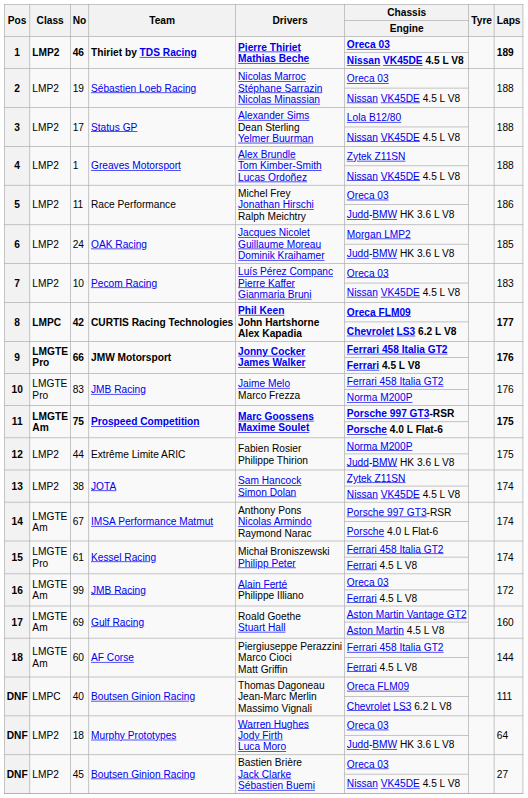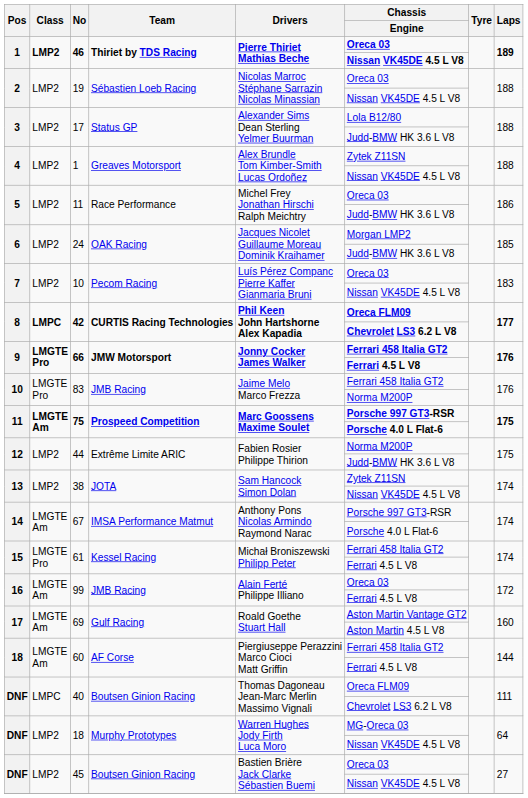 <table class="wikitable" style="font-size: 95%;">
 <tr>
 <th rowspan=2>Pos</th>
 <th rowspan=2>Class</th>
 <th rowspan=2>No</th>
 <th rowspan=2>Team</th>
 <th rowspan=2>Drivers</th>
 <th>Chassis</th>
 <th rowspan=2>Tyre</th>
 <th rowspan=2>Laps</th>
 </tr>
 <tr>
 <th>Engine</th>
 </tr>
 <tr style="font-weight:bold">
 <th rowspan=2>1</th>
 <td rowspan=2>LMP2</td>
 <td rowspan=2>46</td>
 <td rowspan=2> Thiriet by <a href='#'>TDS Racing</a></td>
 <td rowspan=2> <a href='#'>Pierre Thiriet</a><br> <a href='#'>Mathias Beche</a></td>
 <td><a href='#'>Oreca 03</a></td>
 <td rowspan=2></td>
 <td rowspan=2>189</td>
 </tr>
 <tr style="font-weight:bold">
 <td><a href='#'>Nissan</a> <a href='#'>VK45DE</a> 4.5 L V8</td>
 </tr>
 <tr>
 <th rowspan=2>2</th>
 <td rowspan=2>LMP2</td>
 <td rowspan=2>19</td>
 <td rowspan=2> <a href='#'>Sébastien Loeb Racing</a></td>
 <td rowspan=2> <a href='#'>Nicolas Marroc</a><br> <a href='#'>Stéphane Sarrazin</a><br> <a href='#'>Nicolas Minassian</a></td>
 <td><a href='#'>Oreca 03</a></td>
 <td rowspan=2></td>
 <td rowspan=2>188</td>
 </tr>
 <tr>
 <td><a href='#'>Nissan</a> <a href='#'>VK45DE</a> 4.5 L V8</td>
 </tr>
 <tr>
 <th rowspan=2>3</th>
 <td rowspan=2>LMP2</td>
 <td rowspan=2>17</td>
 <td rowspan=2> <a href='#'>Status GP</a></td>
 <td rowspan=2> <a href='#'>Alexander Sims</a><br> Dean Sterling<br> <a href='#'>Yelmer Buurman</a></td>
 <td><a href='#'>Lola B12/80</a></td>
 <td rowspan=2></td>
 <td rowspan=2>188</td>
 </tr>
 <tr>
-<td><a href='#'>Nissan</a> <a href='#'>VK45DE</a> 4.5 L V8</td>
+<td><a href='#'>Judd</a>-<a href='#'>BMW</a> HK 3.6 L V8</td>
 </tr>
 <tr>
 <th rowspan=2>4</th>
 <td rowspan=2>LMP2</td>
 <td rowspan=2>1</td>
 <td rowspan=2> <a href='#'>Greaves Motorsport</a></td>
 <td rowspan=2> <a href='#'>Alex Brundle</a><br> <a href='#'>Tom Kimber-Smith</a><br> <a href='#'>Lucas Ordoñez</a></td>
 <td><a href='#'>Zytek Z11SN</a></td>
 <td rowspan=2></td>
 <td rowspan=2>188</td>
 </tr>
 <tr>
 <td><a href='#'>Nissan</a> <a href='#'>VK45DE</a> 4.5 L V8</td>
 </tr>
 <tr>
 <th rowspan=2>5</th>
 <td rowspan=2>LMP2</td>
 <td rowspan=2>11</td>
 <td rowspan=2> Race Performance</td>
 <td rowspan=2> Michel Frey<br> <a href='#'>Jonathan Hirschi</a><br> Ralph Meichtry</td>
 <td><a href='#'>Oreca 03</a></td>
 <td rowspan=2></td>
 <td rowspan=2>186</td>
 </tr>
 <tr>
 <td><a href='#'>Judd</a>-<a href='#'>BMW</a> HK 3.6 L V8</td>
 </tr>
 <tr>
 <th rowspan=2>6</th>
 <td rowspan=2>LMP2</td>
 <td rowspan=2>24</td>
 <td rowspan=2> <a href='#'>OAK Racing</a></td>
 <td rowspan=2> <a href='#'>Jacques Nicolet</a><br> <a href='#'>Guillaume Moreau</a><br> <a href='#'>Dominik Kraihamer</a></td>
 <td><a href='#'>Morgan LMP2</a></td>
 <td rowspan=2></td>
 <td rowspan=2>185</td>
 </tr>
 <tr>
 <td><a href='#'>Judd</a>-<a href='#'>BMW</a> HK 3.6 L V8</td>
 </tr>
 <tr>
 <th rowspan=2>7</th>
 <td rowspan=2>LMP2</td>
 <td rowspan=2>10</td>
 <td rowspan=2> <a href='#'>Pecom Racing</a></td>
 <td rowspan=2> <a href='#'>Luís Pérez Companc</a><br> <a href='#'>Pierre Kaffer</a><br> <a href='#'>Gianmaria Bruni</a></td>
 <td><a href='#'>Oreca 03</a></td>
 <td rowspan=2></td>
 <td rowspan=2>183</td>
 </tr>
 <tr>
 <td><a href='#'>Nissan</a> <a href='#'>VK45DE</a> 4.5 L V8</td>
 </tr>
 <tr style="font-weight:bold">
 <th rowspan=2>8</th>
 <td rowspan=2>LMPC</td>
 <td rowspan=2>42</td>
 <td rowspan=2> CURTIS Racing Technologies</td>
 <td rowspan=2> <a href='#'>Phil Keen</a><br> John Hartshorne<br> Alex Kapadia</td>
 <td><a href='#'>Oreca FLM09</a></td>
 <td rowspan=2></td>
 <td rowspan=2>177</td>
 </tr>
 <tr style="font-weight:bold">
 <td><a href='#'>Chevrolet</a> <a href='#'>LS3</a> 6.2 L V8</td>
 </tr>
 <tr style="font-weight:bold">
 <th rowspan=2>9</th>
 <td rowspan=2>LMGTE<br>Pro</td>
 <td rowspan=2>66</td>
 <td rowspan=2> JMW Motorsport</td>
 <td rowspan=2> <a href='#'>Jonny Cocker</a><br> <a href='#'>James Walker</a></td>
 <td><a href='#'>Ferrari 458 Italia GT2</a></td>
 <td rowspan=2></td>
 <td rowspan=2>176</td>
 </tr>
 <tr style="font-weight:bold">
 <td><a href='#'>Ferrari</a> 4.5 L V8</td>
 </tr>
 <tr>
 <th rowspan=2>10</th>
 <td rowspan=2>LMGTE<br>Pro</td>
 <td rowspan=2>83</td>
 <td rowspan=2> <a href='#'>JMB Racing</a></td>
 <td rowspan=2> <a href='#'>Jaime Melo</a><br> Marco Frezza</td>
 <td><a href='#'>Ferrari 458 Italia GT2</a></td>
 <td rowspan=2></td>
 <td rowspan=2>176</td>
 </tr>
 <tr>
 <td><a href='#'>Norma M200P</a></td>
 </tr>
 <tr style="font-weight:bold">
 <th rowspan=2>11</th>
 <td rowspan=2>LMGTE<br>Am</td>
 <td rowspan=2>75</td>
 <td rowspan=2> <a href='#'>Prospeed Competition</a></td>
 <td rowspan=2> <a href='#'>Marc Goossens</a><br> <a href='#'>Maxime Soulet</a></td>
 <td><a href='#'>Porsche 997 GT3</a>-RSR</td>
 <td rowspan=2></td>
 <td rowspan=2>175</td>
 </tr>
 <tr style="font-weight:bold">
 <td><a href='#'>Porsche</a> 4.0 L Flat-6</td>
 </tr>
 <tr>
 <th rowspan=2>12</th>
 <td rowspan=2>LMP2</td>
 <td rowspan=2>44</td>
 <td rowspan=2> Extrême Limite ARIC</td>
 <td rowspan=2> Fabien Rosier<br> Philippe Thirion</td>
 <td><a href='#'>Norma M200P</a></td>
 <td rowspan=2></td>
 <td rowspan=2>175</td>
 </tr>
 <tr>
 <td><a href='#'>Judd</a>-<a href='#'>BMW</a> HK 3.6 L V8</td>
 </tr>
 <tr>
 <th rowspan=2>13</th>
 <td rowspan=2>LMP2</td>
 <td rowspan=2>38</td>
 <td rowspan=2> <a href='#'>JOTA</a></td>
 <td rowspan=2> <a href='#'>Sam Hancock</a><br> <a href='#'>Simon Dolan</a></td>
 <td><a href='#'>Zytek Z11SN</a></td>
 <td rowspan=2></td>
 <td rowspan=2>174</td>
 </tr>
 <tr>
 <td><a href='#'>Nissan</a> <a href='#'>VK45DE</a> 4.5 L V8</td>
 </tr>
 <tr>
 <th rowspan=2>14</th>
 <td rowspan=2>LMGTE<br>Am</td>
 <td rowspan=2>67</td>
 <td rowspan=2> <a href='#'>IMSA Performance Matmut</a></td>
 <td rowspan=2> Anthony Pons<br> <a href='#'>Nicolas Armindo</a><br> Raymond Narac</td>
 <td><a href='#'>Porsche 997 GT3</a>-RSR</td>
 <td rowspan=2></td>
 <td rowspan=2>174</td>
 </tr>
 <tr>
 <td><a href='#'>Porsche</a> 4.0 L Flat-6</td>
 </tr>
 <tr>
 <th rowspan=2>15</th>
 <td rowspan=2>LMGTE<br>Pro</td>
 <td rowspan=2>61</td>
 <td rowspan=2> <a href='#'>Kessel Racing</a></td>
 <td rowspan=2> Michał Broniszewski<br> <a href='#'>Philipp Peter</a></td>
 <td><a href='#'>Ferrari 458 Italia GT2</a></td>
 <td rowspan=2></td>
 <td rowspan=2>174</td>
 </tr>
 <tr>
 <td><a href='#'>Ferrari</a> 4.5 L V8</td>
 </tr>
 <tr>
 <th rowspan=2>16</th>
 <td rowspan=2>LMGTE<br>Am</td>
 <td rowspan=2>99</td>
 <td rowspan=2> <a href='#'>JMB Racing</a></td>
 <td rowspan=2> <a href='#'>Alain Ferté</a><br> Philippe Illiano</td>
 <td><a href='#'>Oreca 03</a></td>
 <td rowspan=2></td>
 <td rowspan=2>172</td>
 </tr>
 <tr>
 <td><a href='#'>Ferrari</a> 4.5 L V8</td>
 </tr>
 <tr>
 <th rowspan=2>17</th>
 <td rowspan=2>LMGTE<br>Am</td>
 <td rowspan=2>69</td>
 <td rowspan=2> <a href='#'>Gulf Racing</a></td>
 <td rowspan=2> Roald Goethe<br> <a href='#'>Stuart Hall</a></td>
 <td><a href='#'>Aston Martin Vantage GT2</a></td>
 <td rowspan=2></td>
 <td rowspan=2>160</td>
 </tr>
 <tr>
 <td><a href='#'>Aston Martin</a> 4.5 L V8</td>
 </tr>
 <tr>
 <th rowspan=2>18</th>
 <td rowspan=2>LMGTE<br>Am</td>
 <td rowspan=2>60</td>
 <td rowspan=2> <a href='#'>AF Corse</a></td>
 <td rowspan=2> Piergiuseppe Perazzini<br> Marco Cioci<br> Matt Griffin</td>
 <td><a href='#'>Ferrari 458 Italia GT2</a></td>
 <td rowspan=2></td>
 <td rowspan=2>144</td>
 </tr>
 <tr>
 <td><a href='#'>Ferrari</a> 4.5 L V8</td>
 </tr>
 <tr>
 <th rowspan=2>DNF</th>
 <td rowspan=2>LMPC</td>
 <td rowspan=2>40</td>
 <td rowspan=2> <a href='#'>Boutsen Ginion Racing</a></td>
 <td rowspan=2> Thomas Dagoneau<br> Jean-Marc Merlin<br> Massimo Vignali</td>
 <td><a href='#'>Oreca FLM09</a></td>
 <td rowspan=2></td>
 <td rowspan=2>111</td>
 </tr>
 <tr>
 <td><a href='#'>Chevrolet</a> <a href='#'>LS3</a> 6.2 L V8</td>
 </tr>
 <tr>
 <th rowspan=2>DNF</th>
 <td rowspan=2>LMP2</td>
 <td rowspan=2>18</td>
 <td rowspan=2> <a href='#'>Murphy Prototypes</a></td>
 <td rowspan=2> <a href='#'>Warren Hughes</a><br> <a href='#'>Jody Firth</a><br> <a href='#'>Luca Moro</a></td>
-<td><a href='#'>Oreca 03</a></td>
+<td><a href='#'>MG</a>-<a href='#'>Oreca 03</a></td>
 <td rowspan=2></td>
 <td rowspan=2>64</td>
 </tr>
 <tr>
-<td><a href='#'>Judd</a>-<a href='#'>BMW</a> HK 3.6 L V8</td>
+<td><a href='#'>Nissan</a> <a href='#'>VK45DE</a> 4.5 L V8</td>
 </tr>
 <tr>
 <th rowspan=2>DNF</th>
 <td rowspan=2>LMP2</td>
 <td rowspan=2>45</td>
 <td rowspan=2> <a href='#'>Boutsen Ginion Racing</a></td>
 <td rowspan=2> Bastien Brière<br> <a href='#'>Jack Clarke</a><br> <a href='#'>Sébastien Buemi</a></td>
 <td><a href='#'>Oreca 03</a></td>
 <td rowspan=2></td>
 <td rowspan=2>27</td>
 </tr>
 <tr>
 <td><a href='#'>Nissan</a> <a href='#'>VK45DE</a> 4.5 L V8</td>
 </tr>
 <tr>
 </tr>
 </table>
